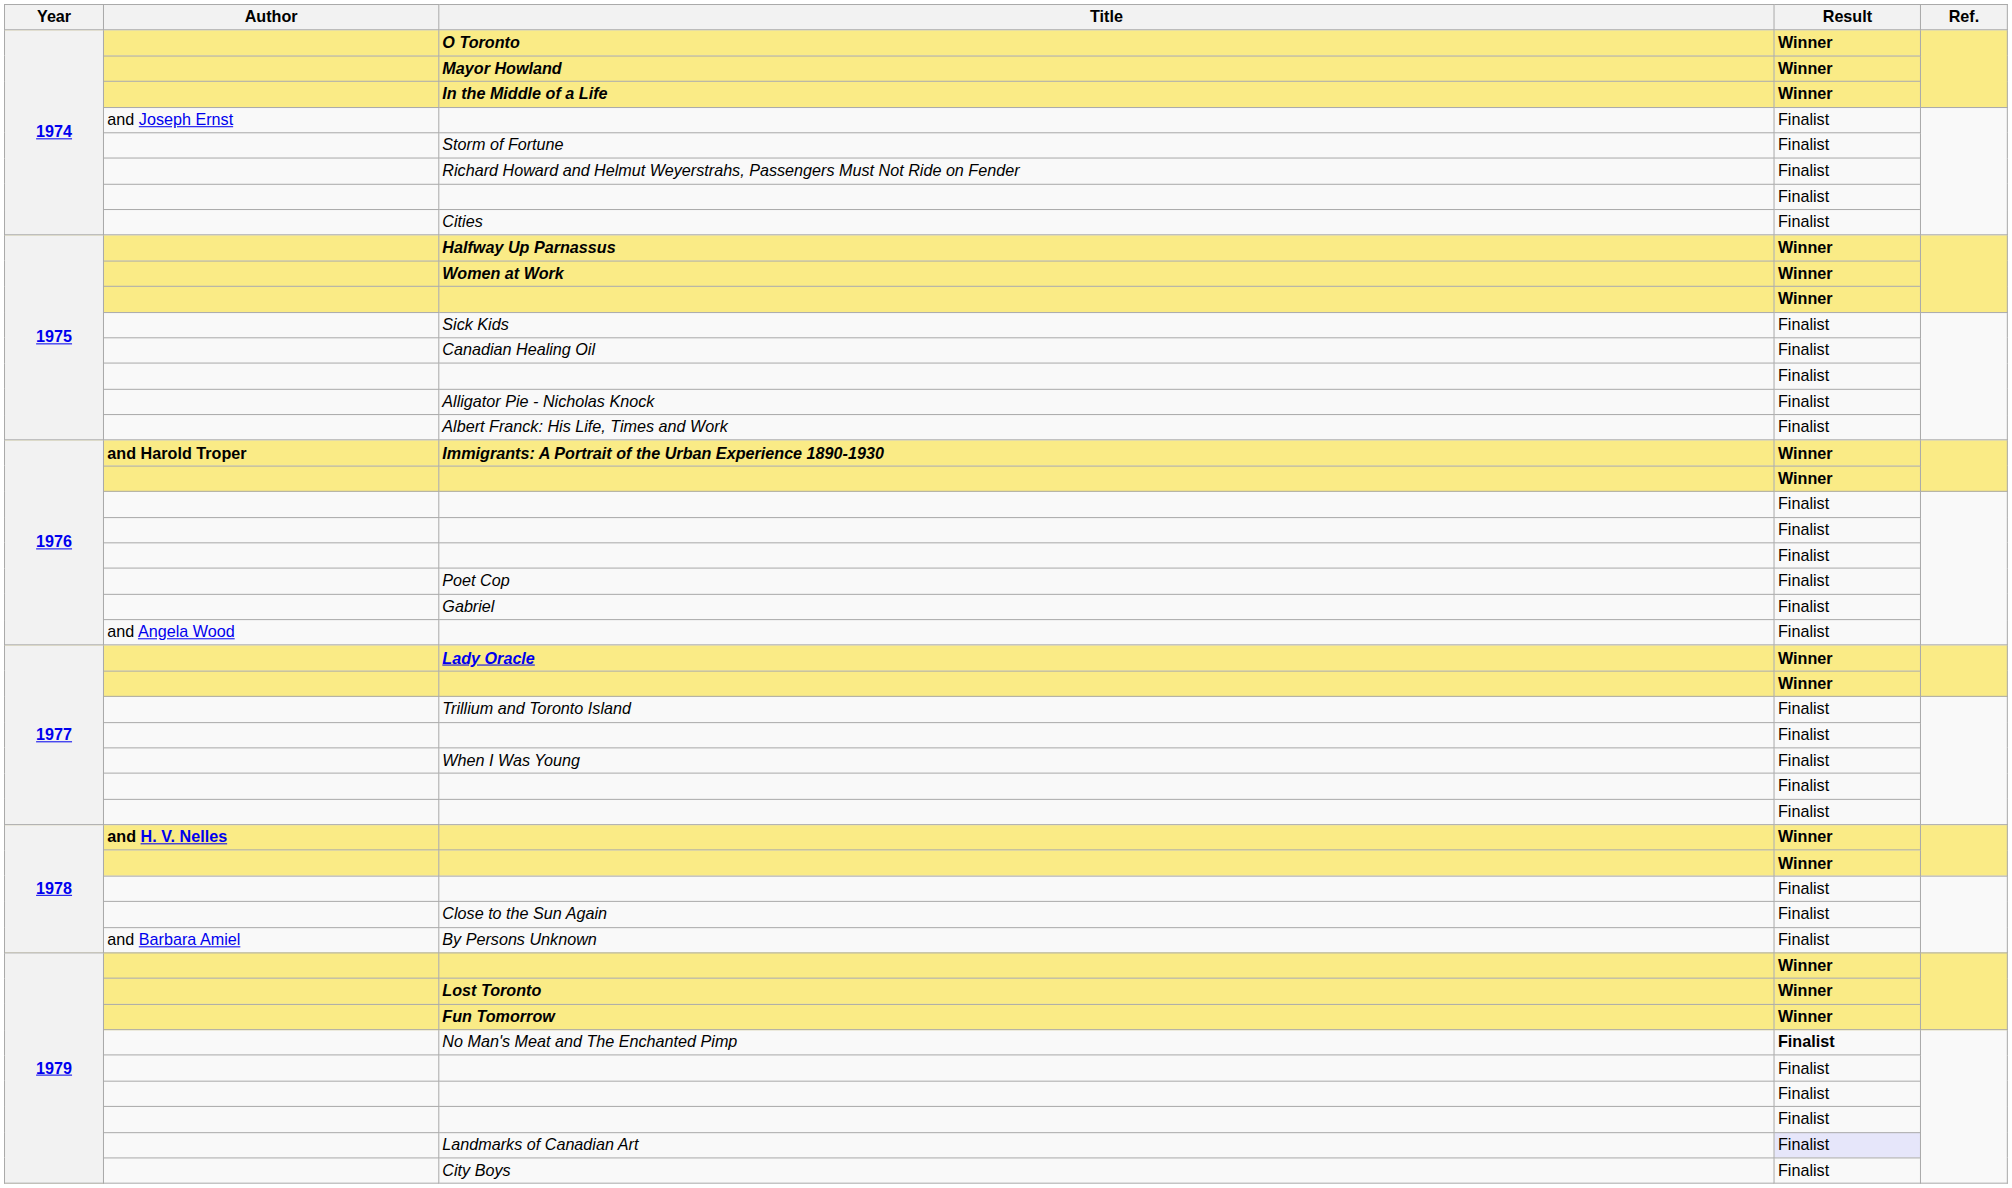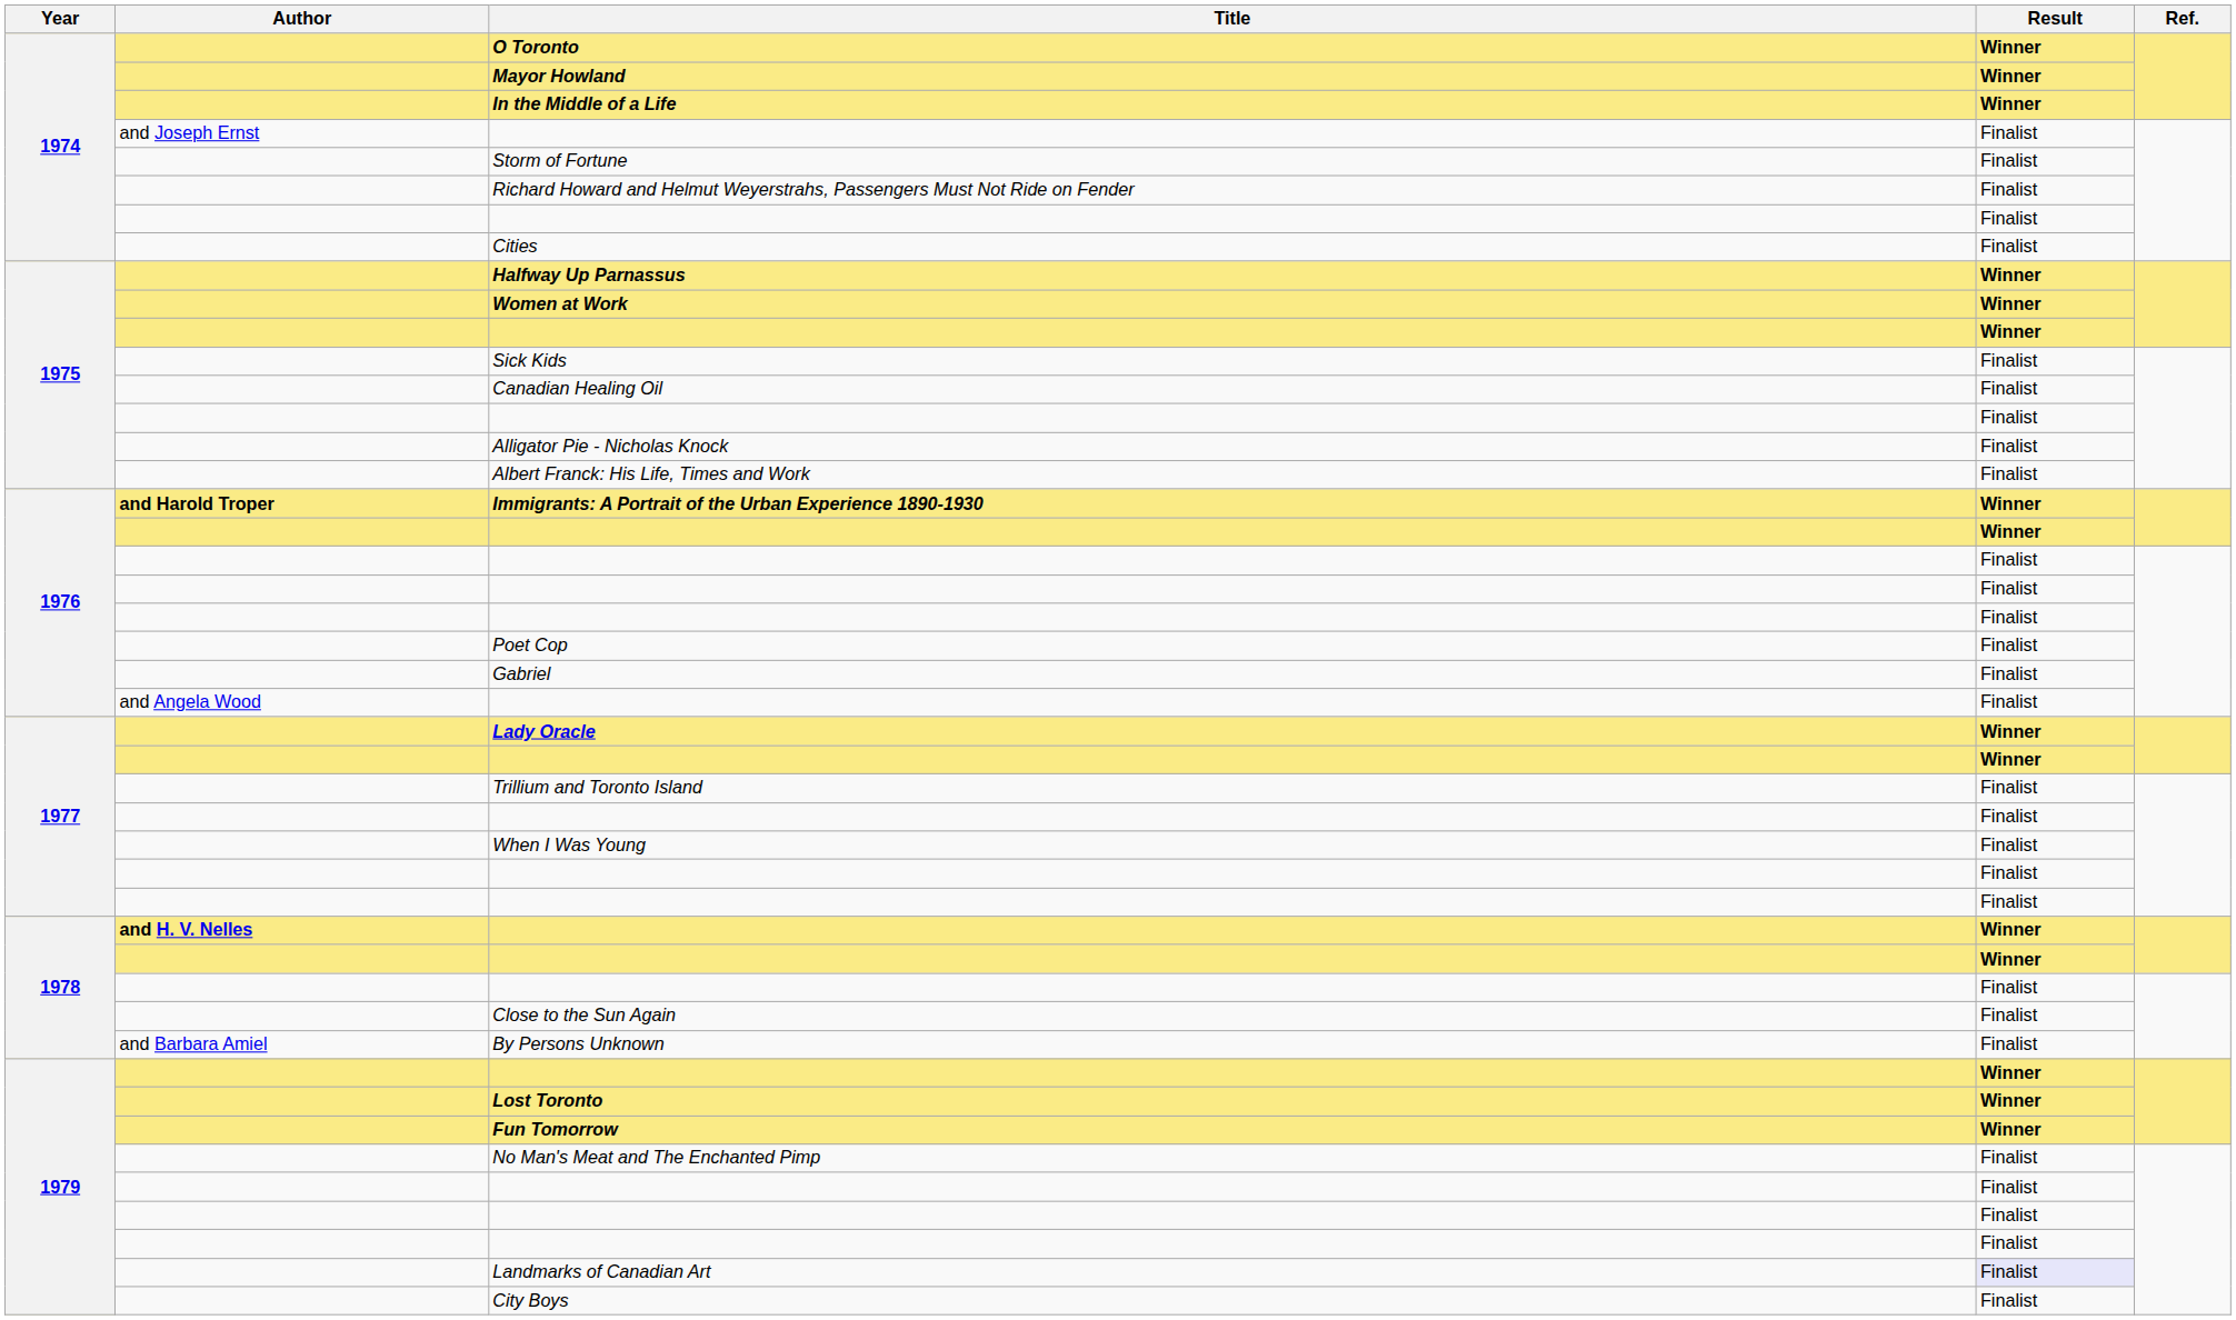 <table class="wikitable sortable mw-collapsible" width=100%>
 <tr>
 <th>Year</th>
 <th>Author</th>
 <th>Title</th>
 <th>Result</th>
 <th>Ref.</th>
 </tr>
 <tr style="background:#FAEB86">
 <th rowspan="8"><a href='#'>1974</a></th>
 <td><strong></strong></td>
 <td><strong><em>O Toronto</em></strong></td>
 <td><strong>Winner</strong></td>
 <td rowspan=3></td>
 </tr>
 <tr style="background:#FAEB86">
 <td><strong></strong></td>
 <td><strong><em>Mayor Howland</em></strong></td>
 <td><strong>Winner</strong></td>
 </tr>
 <tr style="background:#FAEB86">
 <td><strong></strong></td>
 <td><strong><em>In the Middle of a Life</em></strong></td>
 <td><strong>Winner</strong></td>
 </tr>
 <tr>
 <td> and <a href='#'>Joseph Ernst</a></td>
 <td><em></em></td>
 <td>Finalist</td>
 <td rowspan=5></td>
 </tr>
 <tr>
 <td></td>
 <td><em>Storm of Fortune</em></td>
 <td>Finalist</td>
 </tr>
 <tr>
 <td></td>
 <td><em>Richard Howard and Helmut Weyerstrahs, Passengers Must Not Ride on Fender</em></td>
 <td>Finalist</td>
 </tr>
 <tr>
 <td></td>
 <td><em></em></td>
 <td>Finalist</td>
 </tr>
 <tr>
 <td></td>
 <td><em>Cities</em></td>
 <td>Finalist</td>
 </tr>
 <tr style="background:#FAEB86">
 <th rowspan="8"><a href='#'>1975</a></th>
 <td><strong></strong></td>
 <td><strong><em>Halfway Up Parnassus</em></strong></td>
 <td><strong>Winner</strong></td>
 <td rowspan=3></td>
 </tr>
 <tr style="background:#FAEB86">
 <td><strong></strong></td>
 <td><strong><em>Women at Work</em></strong></td>
 <td><strong>Winner</strong></td>
 </tr>
 <tr style="background:#FAEB86">
 <td><strong></strong></td>
 <td><strong><em></em></strong></td>
 <td><strong>Winner</strong></td>
 </tr>
 <tr>
 <td></td>
 <td><em>Sick Kids</em></td>
 <td>Finalist</td>
 <td rowspan=5></td>
 </tr>
 <tr>
 <td></td>
 <td><em>Canadian Healing Oil</em></td>
 <td>Finalist</td>
 </tr>
 <tr>
 <td></td>
 <td><em></em></td>
 <td>Finalist</td>
 </tr>
 <tr>
 <td></td>
 <td><em>Alligator Pie - Nicholas Knock</em></td>
 <td>Finalist</td>
 </tr>
 <tr>
 <td></td>
 <td><em>Albert Franck: His Life, Times and Work</em></td>
 <td>Finalist</td>
 </tr>
 <tr style="background:#FAEB86">
 <th rowspan="8"><a href='#'>1976</a></th>
 <td><strong> and Harold Troper</strong></td>
 <td><strong><em>Immigrants: A Portrait of the Urban Experience 1890-1930</em></strong></td>
 <td><strong>Winner</strong></td>
 <td rowspan=2></td>
 </tr>
 <tr style="background:#FAEB86">
 <td><strong></strong></td>
 <td><strong><em></em></strong></td>
 <td><strong>Winner</strong></td>
 </tr>
 <tr>
 <td></td>
 <td><em></em></td>
 <td>Finalist</td>
 <td rowspan=6></td>
 </tr>
 <tr>
 <td></td>
 <td><em></em></td>
 <td>Finalist</td>
 </tr>
 <tr>
 <td></td>
 <td><em></em></td>
 <td>Finalist</td>
 </tr>
 <tr>
 <td></td>
 <td><em>Poet Cop</em></td>
 <td>Finalist</td>
 </tr>
 <tr>
 <td></td>
 <td><em>Gabriel</em></td>
 <td>Finalist</td>
 </tr>
 <tr>
 <td> and <a href='#'>Angela Wood</a></td>
 <td><em></em></td>
 <td>Finalist</td>
 </tr>
 <tr style="background:#FAEB86">
 <th rowspan="7"><a href='#'>1977</a></th>
 <td><strong></strong></td>
 <td><strong><em><a href='#'>Lady Oracle</a></em></strong></td>
 <td><strong>Winner</strong></td>
 <td rowspan=2></td>
 </tr>
 <tr style="background:#FAEB86">
 <td><strong></strong></td>
 <td><strong><em></em></strong></td>
 <td><strong>Winner</strong></td>
 </tr>
 <tr>
 <td></td>
 <td><em>Trillium and Toronto Island</em></td>
 <td>Finalist</td>
 <td rowspan=5></td>
 </tr>
 <tr>
 <td></td>
 <td><em></em></td>
 <td>Finalist</td>
 </tr>
 <tr>
 <td></td>
 <td><em>When I Was Young</em></td>
 <td>Finalist</td>
 </tr>
 <tr>
 <td></td>
 <td><em></em></td>
 <td>Finalist</td>
 </tr>
 <tr>
 <td></td>
 <td><em></em></td>
 <td>Finalist</td>
 </tr>
 <tr style="background:#FAEB86">
 <th rowspan="5"><a href='#'>1978</a></th>
 <td><strong> and <a href='#'>H. V. Nelles</a></strong></td>
 <td><strong><em></em></strong></td>
 <td><strong>Winner</strong></td>
 <td rowspan=2></td>
 </tr>
 <tr style="background:#FAEB86">
 <td><strong></strong></td>
 <td><strong><em></em></strong></td>
 <td><strong>Winner</strong></td>
 </tr>
 <tr>
 <td></td>
 <td><em></em></td>
 <td>Finalist</td>
 <td rowspan=3></td>
 </tr>
 <tr>
 <td></td>
 <td><em>Close to the Sun Again</em></td>
 <td>Finalist</td>
 </tr>
 <tr>
 <td> and <a href='#'>Barbara Amiel</a></td>
 <td><em>By Persons Unknown</em></td>
 <td>Finalist</td>
 </tr>
 <tr style="background:#FAEB86">
 <th rowspan="9"><a href='#'>1979</a></th>
 <td><strong></strong></td>
 <td><strong><em></em></strong></td>
 <td><strong>Winner</strong></td>
 <td rowspan=3></td>
 </tr>
 <tr style="background:#FAEB86">
 <td><strong></strong></td>
 <td><strong><em>Lost Toronto</em></strong></td>
 <td><strong>Winner</strong></td>
 </tr>
 <tr style="background:#FAEB86">
 <td><strong></strong></td>
 <td><strong><em>Fun Tomorrow</em></strong></td>
 <td><strong>Winner</strong></td>
 </tr>
 <tr>
 <td></td>
 <td><em>No Man's Meat and The Enchanted Pimp</em></td>
-<td><strong>Finalist</strong></td>
+<td>Finalist</td>
 <td rowspan=6></td>
 </tr>
 <tr>
 <td></td>
 <td><em></em></td>
 <td>Finalist</td>
 </tr>
 <tr>
 <td></td>
 <td><em></em></td>
 <td>Finalist</td>
 </tr>
 <tr>
 <td></td>
 <td><em></em></td>
 <td>Finalist</td>
 </tr>
 <tr>
 <td></td>
 <td><em>Landmarks of Canadian Art</em></td>
 <td style="background: lavender;">Finalist</td>
 </tr>
 <tr>
 <td></td>
 <td><em>City Boys</em></td>
 <td>Finalist</td>
 </tr>
 </table>
